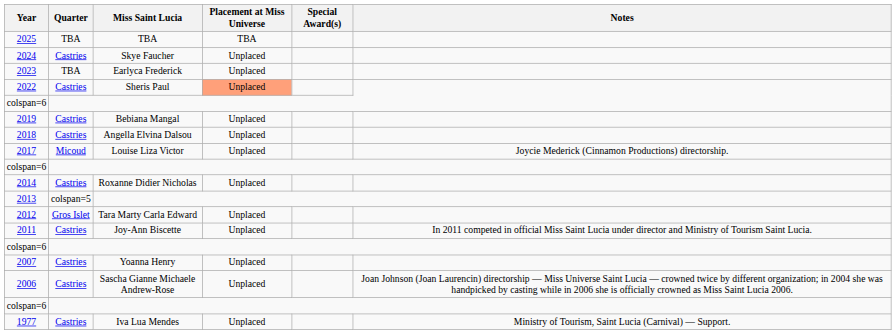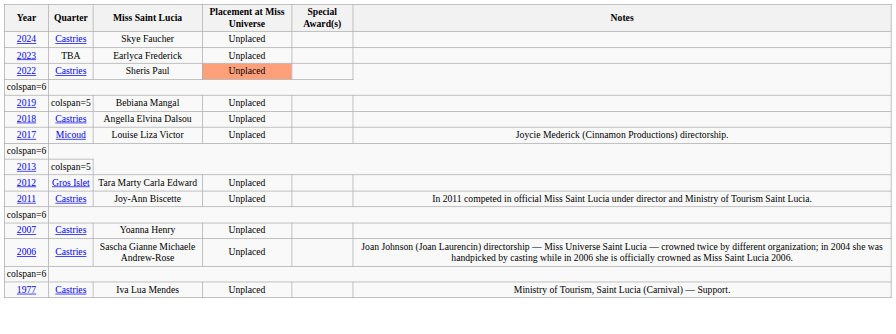 <table class="wikitable " style="font-size: 85%; text-align:center;">
 <tr>
 <th>Year</th>
 <th>Quarter</th>
 <th>Miss Saint Lucia</th>
 <th>Placement at Miss Universe</th>
 <th>Special Award(s)</th>
 <th>Notes</th>
-</tr>
-<tr>
-<td><a href='#'>2025</a></td>
-<td>TBA</td>
-<td>TBA</td>
-<td>TBA</td>
-<td></td>
-<td></td>
 </tr>
 <tr>
 <td><a href='#'>2024</a></td>
 <td><a href='#'>Castries</a></td>
 <td>Skye Faucher</td>
 <td>Unplaced</td>
 <td></td>
 <td></td>
 </tr>
 <tr>
 <td><a href='#'>2023</a></td>
 <td>TBA</td>
 <td>Earlyca Frederick</td>
 <td>Unplaced</td>
 <td></td>
 <td></td>
 </tr>
 <tr>
 <td><a href='#'>2022</a></td>
 <td><a href='#'>Castries</a></td>
 <td>Sheris Paul</td>
 <td style="background: lightsalmon;">Unplaced</td>
 <td></td>
 </tr>
 <tr>
 <td>colspan=6 </td>
 </tr>
 <tr>
 <td><a href='#'>2019</a></td>
-<td><a href='#'>Castries</a></td>
+<td>colspan=5 </td>
 <td>Bebiana Mangal</td>
 <td>Unplaced</td>
 <td></td>
 <td></td>
 </tr>
 <tr>
 <td><a href='#'>2018</a></td>
 <td><a href='#'>Castries</a></td>
 <td>Angella Elvina Dalsou</td>
 <td>Unplaced</td>
 <td></td>
 <td></td>
 </tr>
 <tr>
 <td><a href='#'>2017</a></td>
 <td><a href='#'>Micoud</a></td>
 <td>Louise Liza Victor</td>
 <td>Unplaced</td>
 <td></td>
 <td>Joycie Mederick (Cinnamon Productions) directorship.</td>
 </tr>
 <tr>
 <td>colspan=6 </td>
-</tr>
-<tr>
-<td><a href='#'>2014</a></td>
-<td><a href='#'>Castries</a></td>
-<td>Roxanne Didier Nicholas</td>
-<td>Unplaced</td>
-<td></td>
-<td></td>
 </tr>
 <tr>
 <td><a href='#'>2013</a></td>
 <td>colspan=5 </td>
 </tr>
 <tr>
 <td><a href='#'>2012</a></td>
 <td><a href='#'>Gros Islet</a></td>
 <td>Tara Marty Carla Edward</td>
 <td>Unplaced</td>
 <td></td>
 <td></td>
 </tr>
 <tr>
 <td><a href='#'>2011</a></td>
 <td><a href='#'>Castries</a></td>
 <td>Joy-Ann Biscette</td>
 <td>Unplaced</td>
 <td></td>
 <td>In 2011 competed in official Miss Saint Lucia under director and Ministry of Tourism Saint Lucia.</td>
 </tr>
 <tr>
 <td>colspan=6 </td>
 </tr>
 <tr>
 <td><a href='#'>2007</a></td>
 <td><a href='#'>Castries</a></td>
 <td>Yoanna Henry</td>
 <td>Unplaced</td>
 <td></td>
 <td></td>
 </tr>
 <tr>
 <td><a href='#'>2006</a></td>
 <td><a href='#'>Castries</a></td>
 <td>Sascha Gianne Michaele Andrew-Rose</td>
 <td>Unplaced</td>
 <td></td>
 <td>Joan Johnson (Joan Laurencin) directorship — Miss Universe Saint Lucia ― crowned twice by different organization; in 2004 she was handpicked by casting while in 2006 she is officially crowned as Miss Saint Lucia 2006.</td>
 </tr>
 <tr>
 <td>colspan=6 </td>
 </tr>
 <tr>
 <td><a href='#'>1977</a></td>
 <td><a href='#'>Castries</a></td>
 <td>Iva Lua Mendes</td>
 <td>Unplaced</td>
 <td></td>
 <td>Ministry of Tourism, Saint Lucia (Carnival) — Support.</td>
 </tr>
 </table>
